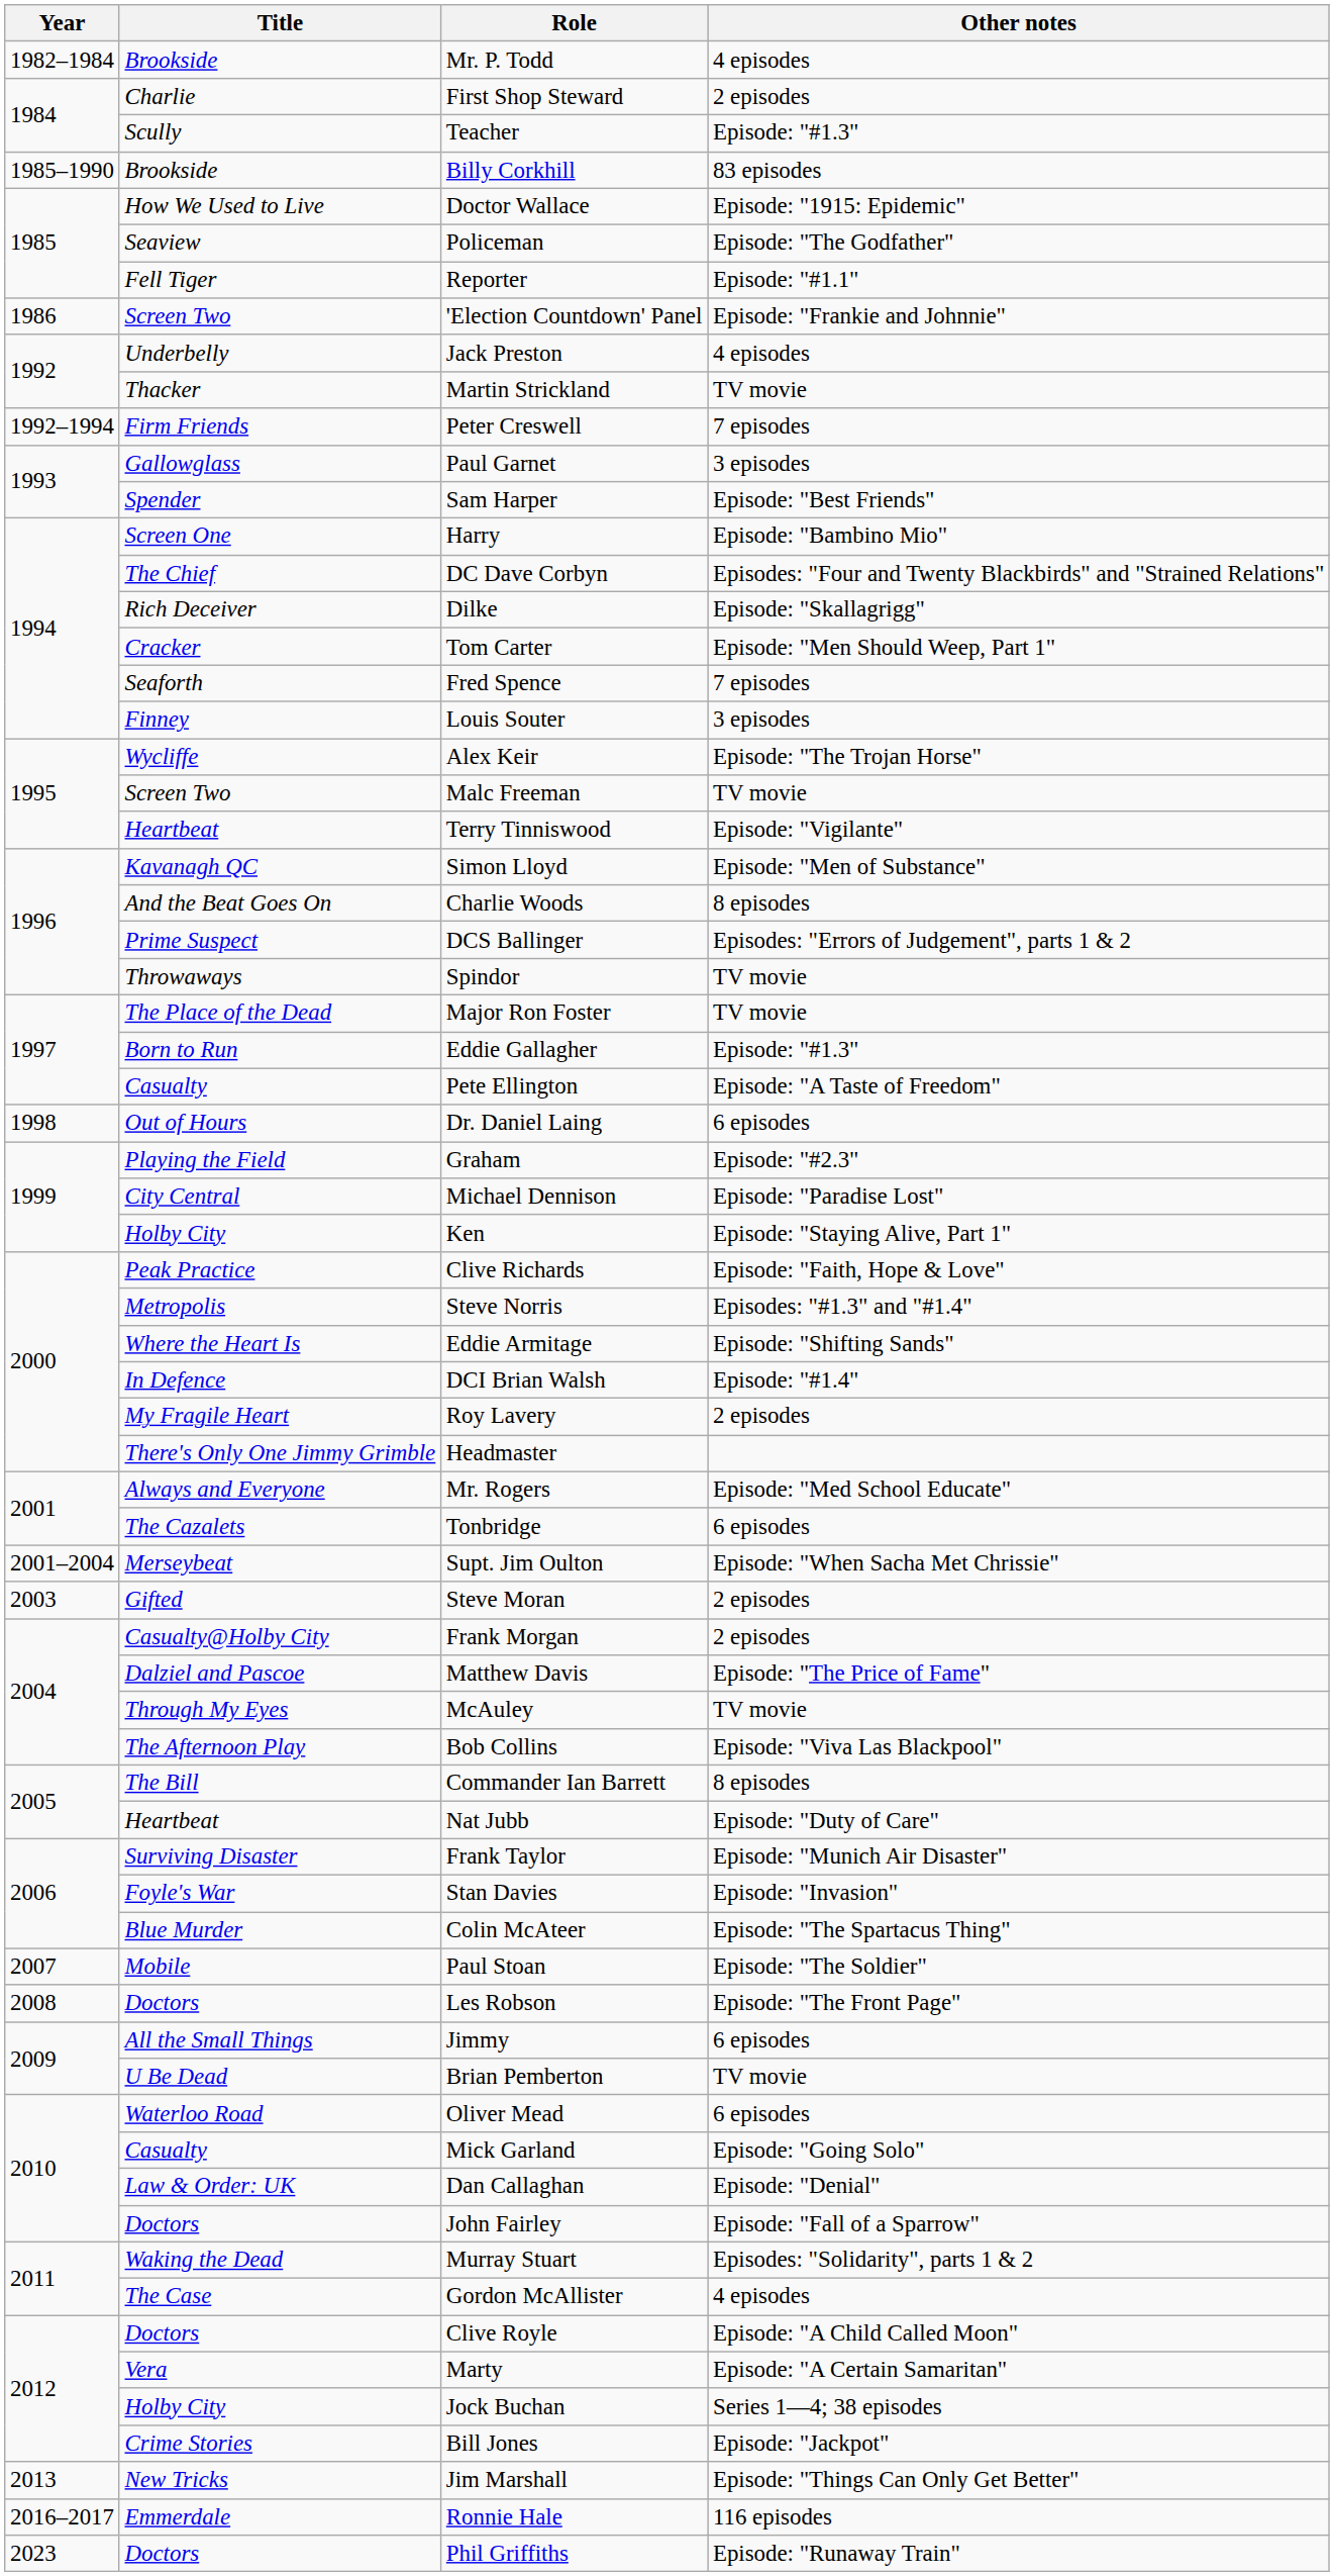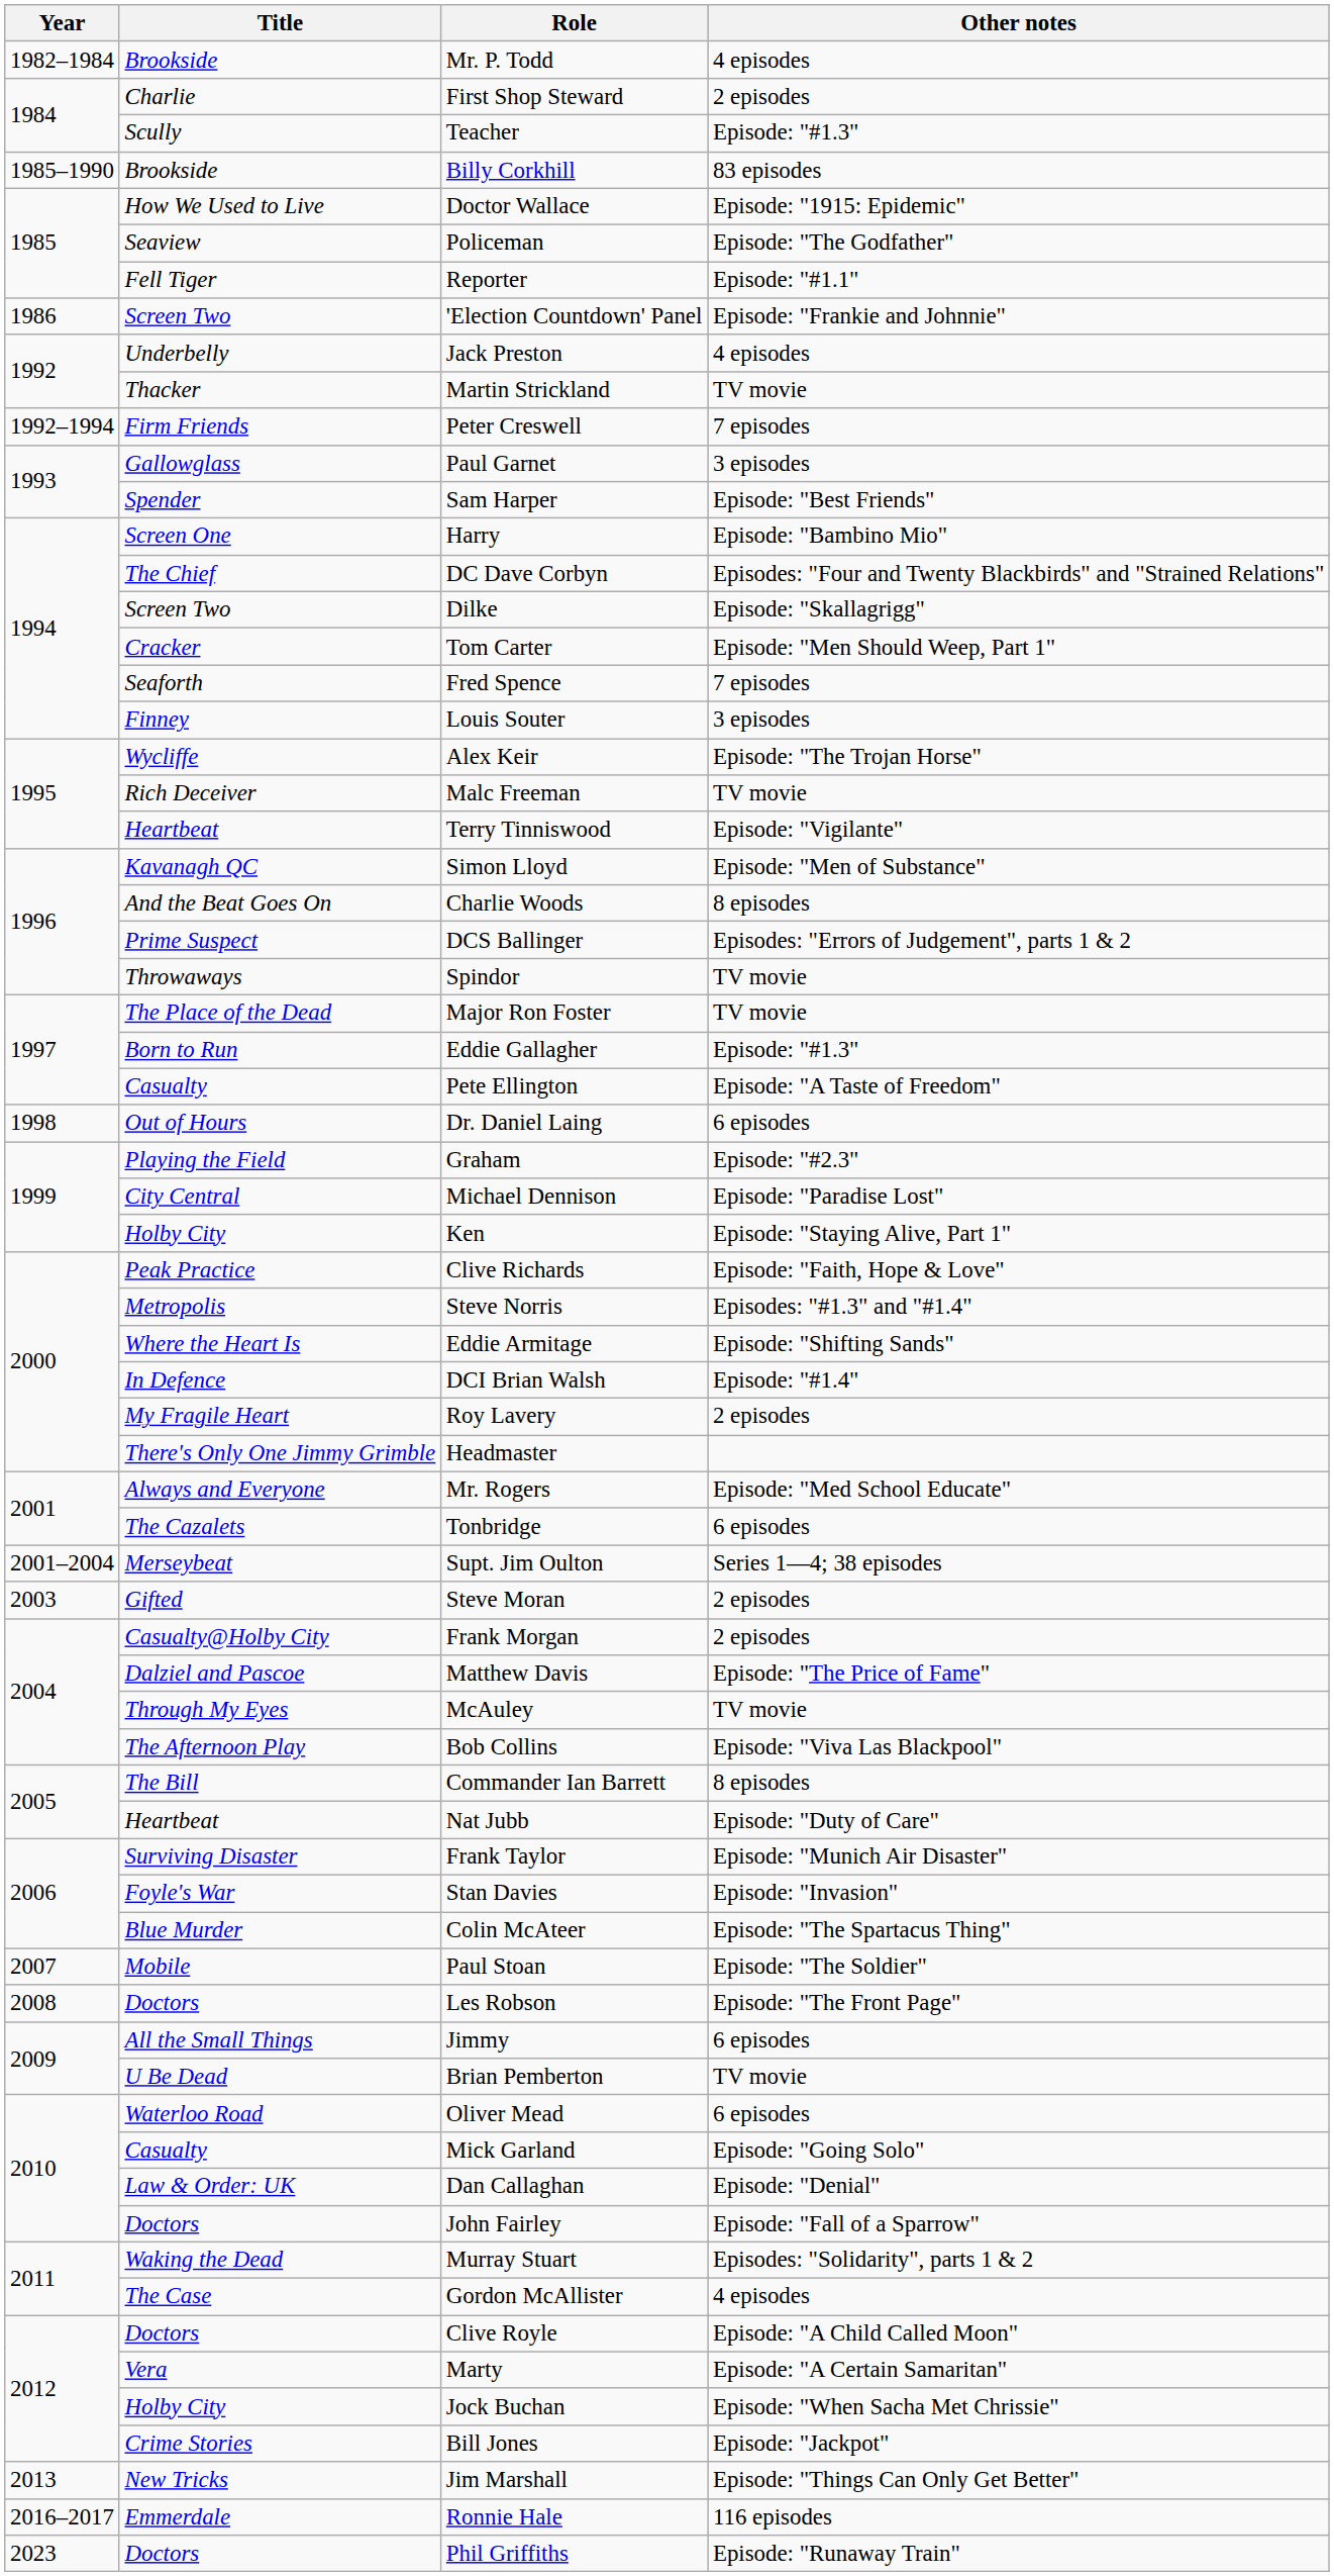 <table class="wikitable">
 <tr>
 <th>Year</th>
 <th>Title</th>
 <th>Role</th>
 <th>Other notes</th>
 </tr>
 <tr>
 <td>1982–1984</td>
 <td><em><a href='#'>Brookside</a></em></td>
 <td>Mr. P. Todd</td>
 <td>4 episodes</td>
 </tr>
 <tr>
 <td rowspan="2">1984</td>
 <td><em>Charlie</em></td>
 <td>First Shop Steward</td>
 <td>2 episodes</td>
 </tr>
 <tr>
 <td><em>Scully</em></td>
 <td>Teacher</td>
 <td>Episode: "#1.3"</td>
 </tr>
 <tr>
 <td>1985–1990</td>
 <td><em>Brookside</em></td>
 <td><a href='#'>Billy Corkhill</a></td>
 <td>83 episodes</td>
 </tr>
 <tr>
 <td rowspan="3">1985</td>
 <td><em>How We Used to Live</em></td>
 <td>Doctor Wallace</td>
 <td>Episode: "1915: Epidemic"</td>
 </tr>
 <tr>
 <td><em>Seaview</em></td>
 <td>Policeman</td>
 <td>Episode: "The Godfather"</td>
 </tr>
 <tr>
 <td><em>Fell Tiger</em></td>
 <td>Reporter</td>
 <td>Episode: "#1.1"</td>
 </tr>
 <tr>
 <td>1986</td>
 <td><em><a href='#'>Screen Two</a></em></td>
 <td>'Election Countdown' Panel</td>
 <td>Episode: "Frankie and Johnnie"</td>
 </tr>
 <tr>
 <td rowspan="2">1992</td>
 <td><em>Underbelly</em></td>
 <td>Jack Preston</td>
 <td>4 episodes</td>
 </tr>
 <tr>
 <td><em>Thacker</em></td>
 <td>Martin Strickland</td>
 <td>TV movie</td>
 </tr>
 <tr>
 <td>1992–1994</td>
 <td><em><a href='#'>Firm Friends</a></em></td>
 <td>Peter Creswell</td>
 <td>7 episodes</td>
 </tr>
 <tr>
 <td rowspan="2">1993</td>
 <td><em><a href='#'>Gallowglass</a></em></td>
 <td>Paul Garnet</td>
 <td>3 episodes</td>
 </tr>
 <tr>
 <td><em><a href='#'>Spender</a></em></td>
 <td>Sam Harper</td>
 <td>Episode: "Best Friends"</td>
 </tr>
 <tr>
 <td rowspan="6">1994</td>
 <td><em><a href='#'>Screen One</a></em></td>
 <td>Harry</td>
 <td>Episode: "Bambino Mio"</td>
 </tr>
 <tr>
 <td><em><a href='#'>The Chief</a></em></td>
 <td>DC Dave Corbyn</td>
 <td>Episodes: "Four and Twenty Blackbirds" and "Strained Relations"</td>
 </tr>
 <tr>
-<td><em>Rich Deceiver</em></td>
+<td><em>Screen Two</em></td>
 <td>Dilke</td>
 <td>Episode: "Skallagrigg"</td>
 </tr>
 <tr>
 <td><em><a href='#'>Cracker</a></em></td>
 <td>Tom Carter</td>
 <td>Episode: "Men Should Weep, Part 1"</td>
 </tr>
 <tr>
 <td><em>Seaforth</em></td>
 <td>Fred Spence</td>
 <td>7 episodes</td>
 </tr>
 <tr>
 <td><em><a href='#'>Finney</a></em></td>
 <td>Louis Souter</td>
 <td>3 episodes</td>
 </tr>
 <tr>
 <td rowspan="3">1995</td>
 <td><em><a href='#'>Wycliffe</a></em></td>
 <td>Alex Keir</td>
 <td>Episode: "The Trojan Horse"</td>
 </tr>
 <tr>
-<td><em>Screen Two</em></td>
+<td><em>Rich Deceiver</em></td>
 <td>Malc Freeman</td>
 <td>TV movie</td>
 </tr>
 <tr>
 <td><em><a href='#'>Heartbeat</a></em></td>
 <td>Terry Tinniswood</td>
 <td>Episode: "Vigilante"</td>
 </tr>
 <tr>
 <td rowspan="4">1996</td>
 <td><em><a href='#'>Kavanagh QC</a></em></td>
 <td>Simon Lloyd</td>
 <td>Episode: "Men of Substance"</td>
 </tr>
 <tr>
 <td><em>And the Beat Goes On</em></td>
 <td>Charlie Woods</td>
 <td>8 episodes</td>
 </tr>
 <tr>
 <td><em><a href='#'>Prime Suspect</a></em></td>
 <td>DCS Ballinger</td>
 <td>Episodes: "Errors of Judgement", parts 1 & 2</td>
 </tr>
 <tr>
 <td><em>Throwaways</em></td>
 <td>Spindor</td>
 <td>TV movie</td>
 </tr>
 <tr>
 <td rowspan="3">1997</td>
 <td><em><a href='#'>The Place of the Dead</a></em></td>
 <td>Major Ron Foster</td>
 <td>TV movie</td>
 </tr>
 <tr>
 <td><em><a href='#'>Born to Run</a></em></td>
 <td>Eddie Gallagher</td>
 <td>Episode: "#1.3"</td>
 </tr>
 <tr>
 <td><em><a href='#'>Casualty</a></em></td>
 <td>Pete Ellington</td>
 <td>Episode: "A Taste of Freedom"</td>
 </tr>
 <tr>
 <td>1998</td>
 <td><em><a href='#'>Out of Hours</a></em></td>
 <td>Dr. Daniel Laing</td>
 <td>6 episodes</td>
 </tr>
 <tr>
 <td rowspan="3">1999</td>
 <td><em><a href='#'>Playing the Field</a></em></td>
 <td>Graham</td>
 <td>Episode: "#2.3"</td>
 </tr>
 <tr>
 <td><em><a href='#'>City Central</a></em></td>
 <td>Michael Dennison</td>
 <td>Episode: "Paradise Lost"</td>
 </tr>
 <tr>
 <td><em><a href='#'>Holby City</a></em></td>
 <td>Ken</td>
 <td>Episode: "Staying Alive, Part 1"</td>
 </tr>
 <tr>
 <td rowspan="6">2000</td>
 <td><em><a href='#'>Peak Practice</a></em></td>
 <td>Clive Richards</td>
 <td>Episode: "Faith, Hope & Love"</td>
 </tr>
 <tr>
 <td><em><a href='#'>Metropolis</a></em></td>
 <td>Steve Norris</td>
 <td>Episodes: "#1.3" and "#1.4"</td>
 </tr>
 <tr>
 <td><em><a href='#'>Where the Heart Is</a></em></td>
 <td>Eddie Armitage</td>
 <td>Episode: "Shifting Sands"</td>
 </tr>
 <tr>
 <td><em><a href='#'>In Defence</a></em></td>
 <td>DCI Brian Walsh</td>
 <td>Episode: "#1.4"</td>
 </tr>
 <tr>
 <td><em><a href='#'>My Fragile Heart</a></em></td>
 <td>Roy Lavery</td>
 <td>2 episodes</td>
 </tr>
 <tr>
 <td><em><a href='#'>There's Only One Jimmy Grimble</a></em></td>
 <td>Headmaster</td>
 <td></td>
 </tr>
 <tr>
 <td rowspan="2">2001</td>
 <td><em><a href='#'>Always and Everyone</a></em></td>
 <td>Mr. Rogers</td>
 <td>Episode: "Med School Educate"</td>
 </tr>
 <tr>
 <td><em><a href='#'>The Cazalets</a></em></td>
 <td>Tonbridge</td>
 <td>6 episodes</td>
 </tr>
 <tr>
 <td>2001–2004</td>
 <td><em><a href='#'>Merseybeat</a></em></td>
 <td>Supt. Jim Oulton</td>
-<td>Episode: "When Sacha Met Chrissie"</td>
+<td>Series 1—4; 38 episodes</td>
 </tr>
 <tr>
 <td>2003</td>
 <td><em><a href='#'>Gifted</a></em></td>
 <td>Steve Moran</td>
 <td>2 episodes</td>
 </tr>
 <tr>
 <td rowspan="4">2004</td>
 <td><em><a href='#'>Casualty@Holby City</a></em></td>
 <td>Frank Morgan</td>
 <td>2 episodes</td>
 </tr>
 <tr>
 <td><em><a href='#'>Dalziel and Pascoe</a></em></td>
 <td>Matthew Davis</td>
 <td>Episode: "<a href='#'>The Price of Fame</a>"</td>
 </tr>
 <tr>
 <td><em><a href='#'>Through My Eyes</a></em></td>
 <td>McAuley</td>
 <td>TV movie</td>
 </tr>
 <tr>
 <td><em><a href='#'>The Afternoon Play</a></em></td>
 <td>Bob Collins</td>
 <td>Episode: "Viva Las Blackpool"</td>
 </tr>
 <tr>
 <td rowspan="2">2005</td>
 <td><em><a href='#'>The Bill</a></em></td>
 <td>Commander Ian Barrett</td>
 <td>8 episodes</td>
 </tr>
 <tr>
 <td><em>Heartbeat</em></td>
 <td>Nat Jubb</td>
 <td>Episode: "Duty of Care"</td>
 </tr>
 <tr>
 <td rowspan="3">2006</td>
 <td><em><a href='#'>Surviving Disaster</a></em></td>
 <td>Frank Taylor</td>
 <td>Episode: "Munich Air Disaster"</td>
 </tr>
 <tr>
 <td><em><a href='#'>Foyle's War</a></em></td>
 <td>Stan Davies</td>
 <td>Episode: "Invasion"</td>
 </tr>
 <tr>
 <td><em><a href='#'>Blue Murder</a></em></td>
 <td>Colin McAteer</td>
 <td>Episode: "The Spartacus Thing"</td>
 </tr>
 <tr>
 <td>2007</td>
 <td><em><a href='#'>Mobile</a></em></td>
 <td>Paul Stoan</td>
 <td>Episode: "The Soldier"</td>
 </tr>
 <tr>
 <td>2008</td>
 <td><em><a href='#'>Doctors</a></em></td>
 <td>Les Robson</td>
 <td>Episode: "The Front Page"</td>
 </tr>
 <tr>
 <td rowspan="2">2009</td>
 <td><em><a href='#'>All the Small Things</a></em></td>
 <td>Jimmy</td>
 <td>6 episodes</td>
 </tr>
 <tr>
 <td><em><a href='#'>U Be Dead</a></em></td>
 <td>Brian Pemberton</td>
 <td>TV movie</td>
 </tr>
 <tr>
 <td rowspan="4">2010</td>
 <td><em><a href='#'>Waterloo Road</a></em></td>
 <td>Oliver Mead</td>
 <td>6 episodes</td>
 </tr>
 <tr>
 <td><em><a href='#'>Casualty</a></em></td>
 <td>Mick Garland</td>
 <td>Episode: "Going Solo"</td>
 </tr>
 <tr>
 <td><em><a href='#'>Law & Order: UK</a></em></td>
 <td>Dan Callaghan</td>
 <td>Episode: "Denial"</td>
 </tr>
 <tr>
 <td><em><a href='#'>Doctors</a></em></td>
 <td>John Fairley</td>
 <td>Episode: "Fall of a Sparrow"</td>
 </tr>
 <tr>
 <td rowspan="2">2011</td>
 <td><em><a href='#'>Waking the Dead</a></em></td>
 <td>Murray Stuart</td>
 <td>Episodes: "Solidarity", parts 1 & 2</td>
 </tr>
 <tr>
 <td><em><a href='#'>The Case</a></em></td>
 <td>Gordon McAllister</td>
 <td>4 episodes</td>
 </tr>
 <tr>
 <td rowspan="4">2012</td>
 <td><em><a href='#'>Doctors</a></em></td>
 <td>Clive Royle</td>
 <td>Episode: "A Child Called Moon"</td>
 </tr>
 <tr>
 <td><em><a href='#'>Vera</a></em></td>
 <td>Marty</td>
 <td>Episode: "A Certain Samaritan"</td>
 </tr>
 <tr>
 <td><em><a href='#'>Holby City</a></em></td>
 <td>Jock Buchan</td>
-<td>Series 1—4; 38 episodes</td>
+<td>Episode: "When Sacha Met Chrissie"</td>
 </tr>
 <tr>
 <td><em><a href='#'>Crime Stories</a></em></td>
 <td>Bill Jones</td>
 <td>Episode: "Jackpot"</td>
 </tr>
 <tr>
 <td>2013</td>
 <td><em><a href='#'>New Tricks</a></em></td>
 <td>Jim Marshall</td>
 <td>Episode: "Things Can Only Get Better"</td>
 </tr>
 <tr>
 <td>2016–2017</td>
 <td><em><a href='#'>Emmerdale</a></em></td>
 <td><a href='#'>Ronnie Hale</a></td>
 <td>116 episodes</td>
 </tr>
 <tr>
 <td>2023</td>
 <td><em><a href='#'>Doctors</a></em></td>
 <td><a href='#'>Phil Griffiths</a></td>
 <td>Episode: "Runaway Train"</td>
 </tr>
 </table>
